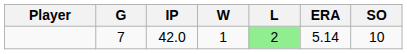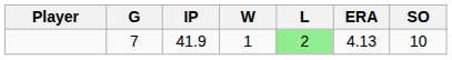 <table class="wikitable sortable">
 <tr>
 <th bgcolor="#DDDDFF" width="16%">Player</th>
 <th bgcolor="#DDDDFF" width="9%">G</th>
 <th bgcolor="#DDDDFF" width="9%">IP</th>
 <th bgcolor="#DDDDFF" width="9%">W</th>
 <th bgcolor="#DDDDFF" width="9%">L</th>
 <th bgcolor="#DDDDFF" width="9%">ERA</th>
 <th bgcolor="#DDDDFF" width="9%">SO</th>
 </tr>
 <tr align="center">
 <td></td>
 <td>7</td>
-<td>42.0</td>
+<td>41.9</td>
 <td>1</td>
 <td style="background: lightgreen;">2</td>
-<td>5.14</td>
+<td>4.13</td>
 <td>10</td>
 </tr>
 </table>
